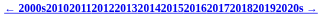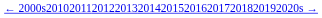 <table id="toc" class="toc" summary="Year">
 <tr>
 <th></th>
 </tr>
 <tr>
-<td style="text-align:center;"><strong><a href='#'>← 2000s</a><a href='#'>2010</a><a href='#'>2011</a><a href='#'>2012</a><a href='#'>2013</a><a href='#'>2014</a><a href='#'>2015</a><a href='#'>2016</a><a href='#'>2017</a><a href='#'>2018</a><a href='#'>2019</a><a href='#'>2020s →</a></strong></td>
+<td style="text-align:center;"><a href='#'>← 2000s</a><a href='#'>2010</a><a href='#'>2011</a><a href='#'>2012</a><a href='#'>2013</a><a href='#'>2014</a><a href='#'>2015</a><a href='#'>2016</a><a href='#'>2017</a><a href='#'>2018</a><a href='#'>2019</a><a href='#'>2020s →</a></td>
 </tr>
 </table>
